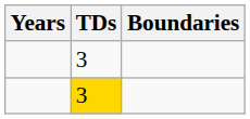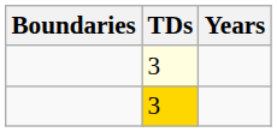 <table class="wikitable">
 <tr>
+<th>Boundaries</th>
+<th>TDs</th>
 <th>Years</th>
-<th>TDs</th>
-<th>Boundaries</th>
 </tr>
 <tr valign="top">
 <td></td>
-<td>3</td>
+<td style="background: lightyellow;">3</td>
 <td></td>
 </tr>
 <tr valign="top">
 <td></td>
 <td style="background: gold;">3</td>
 <td></td>
 </tr>
 </table>
